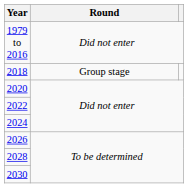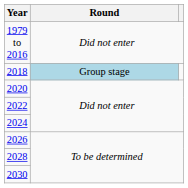 <table class="wikitable" style="text-align: center; font-size:90%">
 <tr>
 <th>Year</th>
 <th style="width:200px">Round</th>
 <th></th>
 </tr>
 <tr>
 <td><a href='#'>1979</a><br>to<br><a href='#'>2016</a></td>
 <td colspan="2"><em>Did not enter</em></td>
 </tr>
 <tr>
 <td><a href='#'>2018</a></td>
-<td>Group stage</td>
+<td style="background: lightblue;">Group stage</td>
 <td></td>
 </tr>
 <tr>
 <td><a href='#'>2020</a></td>
 <td colspan="2" rowspan="3"><em>Did not enter</em></td>
 </tr>
 <tr>
 <td><a href='#'>2022</a></td>
 </tr>
 <tr>
 <td><a href='#'>2024</a></td>
 </tr>
 <tr>
 <td><a href='#'>2026</a></td>
 <td colspan="2" rowspan="3"><em>To be determined</em></td>
 </tr>
 <tr>
 <td><a href='#'>2028</a></td>
 </tr>
 <tr>
 <td><a href='#'>2030</a></td>
 </tr>
 </table>
